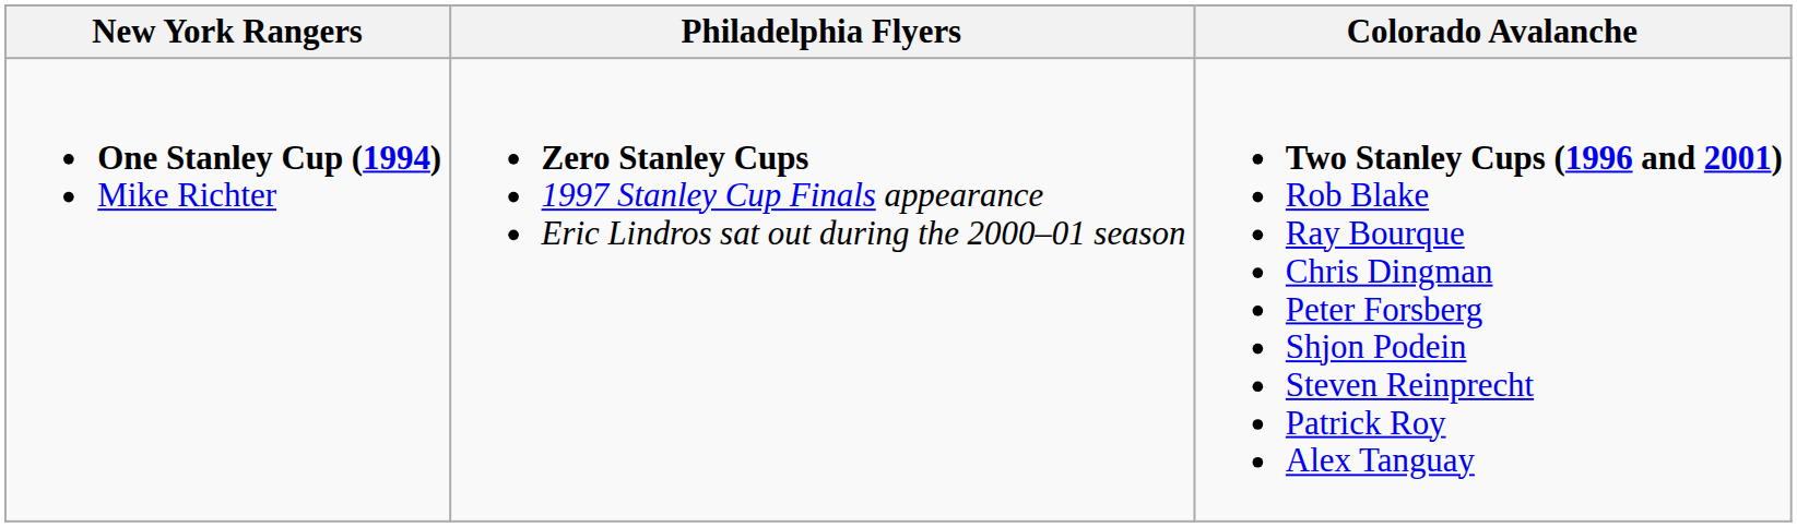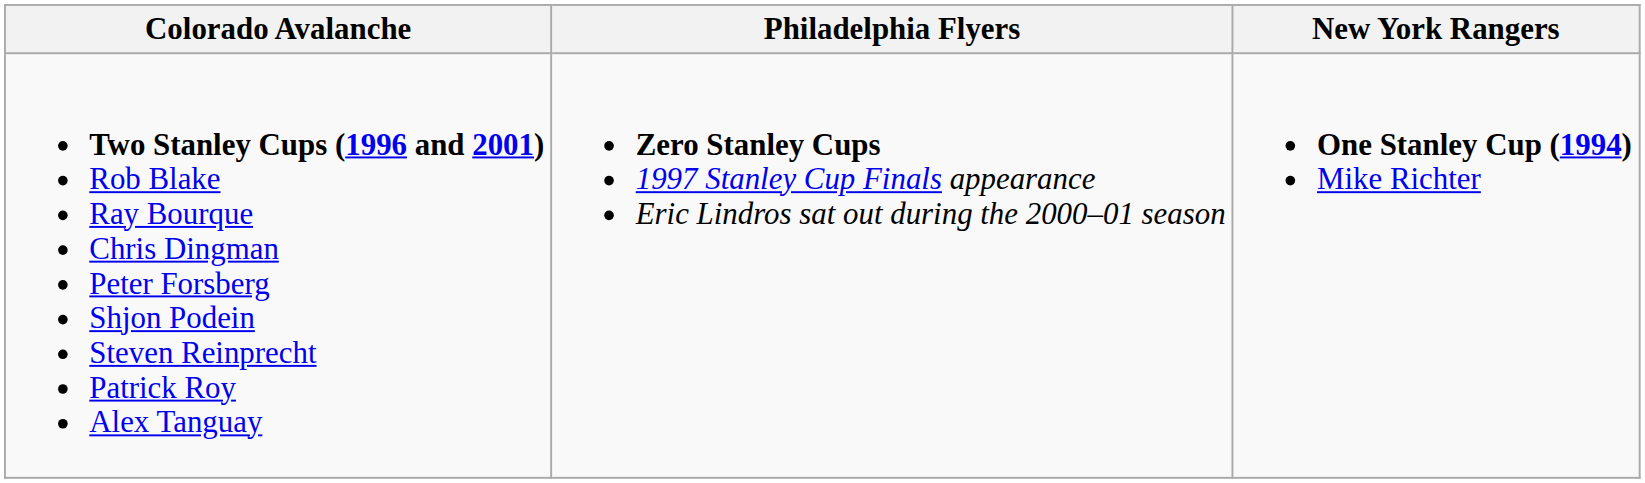 <table class="wikitable">
 <tr>
+<th>Colorado Avalanche</th>
+<th>Philadelphia Flyers</th>
 <th>New York Rangers</th>
-<th>Philadelphia Flyers</th>
-<th>Colorado Avalanche</th>
 </tr>
 <tr>
+<td valign="top"><br><ul><li><strong>Two Stanley Cups (<a href='#'>1996</a> and <a href='#'>2001</a>)</strong></li><li><a href='#'>Rob Blake</a></li><li><a href='#'>Ray Bourque</a></li><li><a href='#'>Chris Dingman</a></li><li><a href='#'>Peter Forsberg</a></li><li><a href='#'>Shjon Podein</a></li><li><a href='#'>Steven Reinprecht</a></li><li><a href='#'>Patrick Roy</a></li><li><a href='#'>Alex Tanguay</a></li></ul></td>
+<td valign="top"><br><ul><li><strong>Zero Stanley Cups</strong></li><li><em><a href='#'>1997 Stanley Cup Finals</a> appearance</li><li>Eric Lindros sat out during the 2000–01 season</li></ul></td>
 <td valign="top"><br><ul><li><strong>One Stanley Cup (<a href='#'>1994</a>)</strong></li><li><a href='#'>Mike Richter</a></li></ul></td>
-<td valign="top"><br><ul><li><strong>Zero Stanley Cups</strong></li><li><em><a href='#'>1997 Stanley Cup Finals</a> appearance</li><li>Eric Lindros sat out during the 2000–01 season</li></ul></td>
-<td valign="top"><br><ul><li><strong>Two Stanley Cups (<a href='#'>1996</a> and <a href='#'>2001</a>)</strong></li><li><a href='#'>Rob Blake</a></li><li><a href='#'>Ray Bourque</a></li><li><a href='#'>Chris Dingman</a></li><li><a href='#'>Peter Forsberg</a></li><li><a href='#'>Shjon Podein</a></li><li><a href='#'>Steven Reinprecht</a></li><li><a href='#'>Patrick Roy</a></li><li><a href='#'>Alex Tanguay</a></li></ul></td>
 </tr>
 </table>
